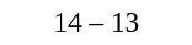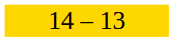 <table style="text-align:center">
 <tr>
 <th width=200></th>
 <th width=100></th>
 <th width=200></th>
 </tr>
 <tr>
 <td align=right><strong></strong></td>
-<td>14 – 13</td>
+<td style="background: gold;">14 – 13</td>
 <td align=left></td>
 </tr>
 </table>
